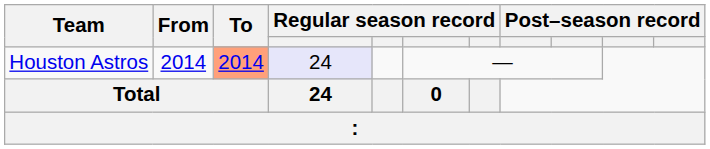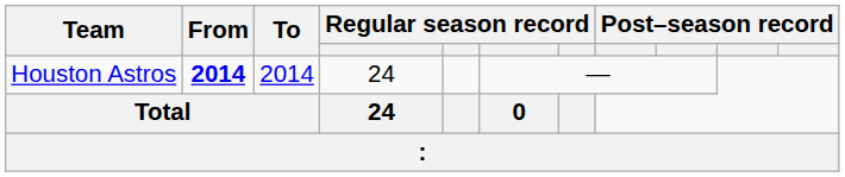 <table class="wikitable" Style="text-align: center">
 <tr>
 <th rowspan="2">Team</th>
 <th rowspan="2">From</th>
 <th rowspan="2">To</th>
 <th colspan="4">Regular season record</th>
 <th colspan="4">Post–season record</th>
 </tr>
 <tr>
 <th></th>
 <th></th>
 <th></th>
 <th></th>
 <th></th>
 <th></th>
 <th></th>
 <th></th>
 </tr>
 <tr>
 <td><a href='#'>Houston Astros</a></td>
+<td><strong><a href='#'>2014</a></strong></td>
 <td><a href='#'>2014</a></td>
-<td style="background: lightsalmon;"><a href='#'>2014</a></td>
-<td style="background: lavender;">24</td>
+<td>24</td>
 <td></td>
 <td colspan="4">—</td>
 </tr>
 <tr>
 <th colspan="3">Total</th>
 <th>24</th>
 <th></th>
 <th>0</th>
 <th></th>
 </tr>
 <tr>
 <th colspan="11">:</th>
 </tr>
 </table>
